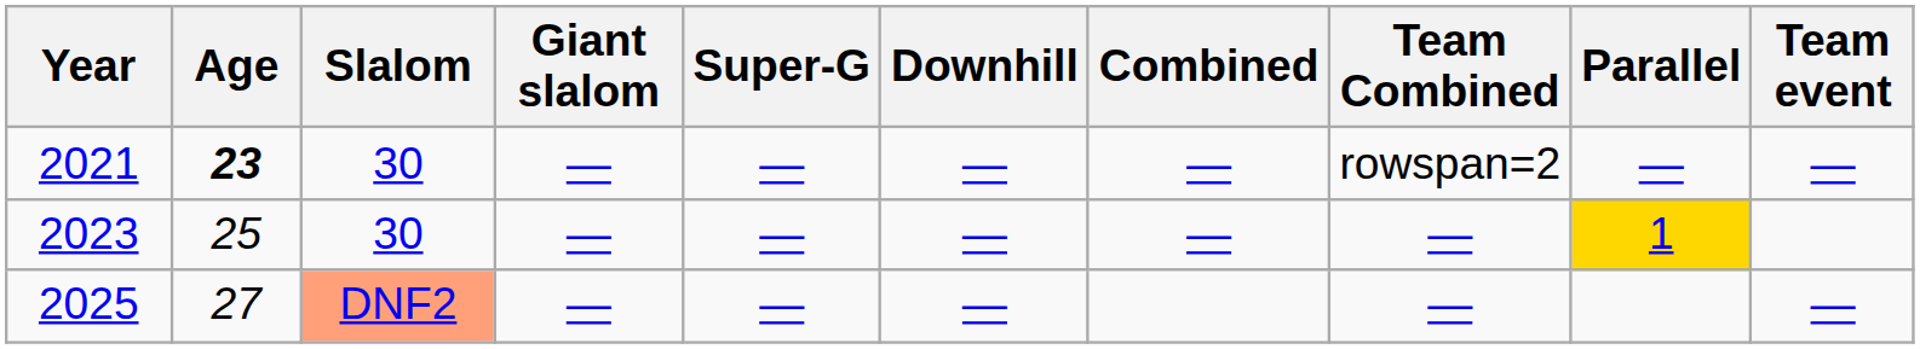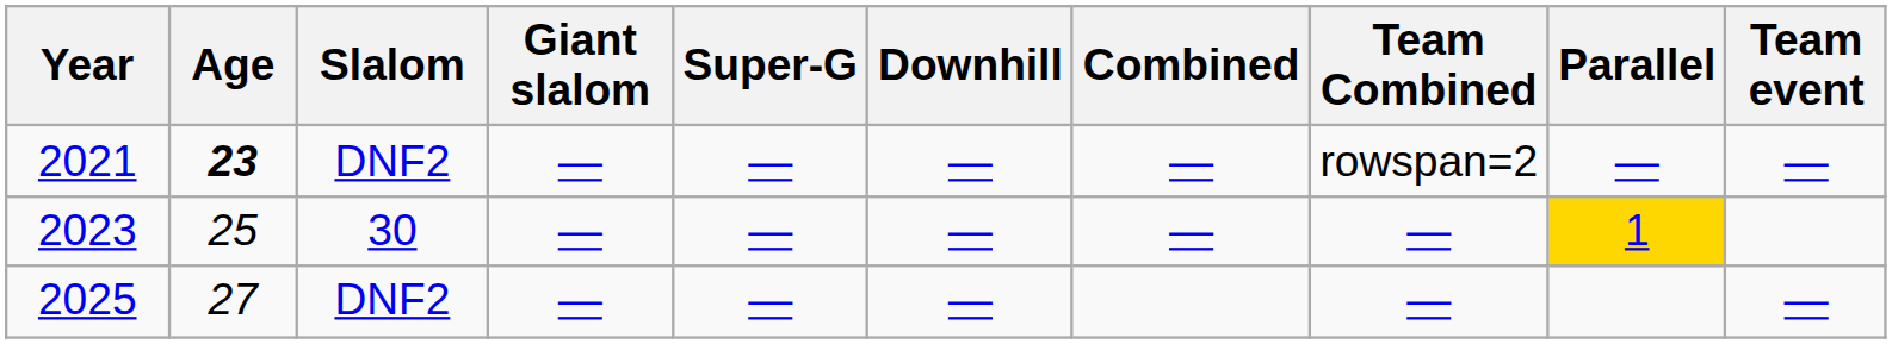 <table class=wikitable style="text-align:center">
 <tr>
 <th>  Year  </th>
 <th> Age </th>
 <th> Slalom </th>
 <th> Giant <br> slalom </th>
 <th>Super-G</th>
 <th>Downhill</th>
 <th>Combined</th>
 <th>Team<br>Combined</th>
 <th>Parallel</th>
 <th>Team<br> event </th>
 </tr>
 <tr>
 <td><a href='#'>2021</a></td>
 <td><strong><em>23</em></strong></td>
-<td><a href='#'>30</a></td>
+<td><a href='#'>DNF2</a></td>
 <td><a href='#'>—</a></td>
 <td><a href='#'>—</a></td>
 <td><a href='#'>—</a></td>
 <td><a href='#'>—</a></td>
 <td>rowspan=2</td>
 <td><a href='#'>—</a></td>
 <td><a href='#'>—</a></td>
 </tr>
 <tr>
 <td><a href='#'>2023</a></td>
 <td><em>25</em></td>
 <td><a href='#'>30</a></td>
 <td><a href='#'>—</a></td>
 <td><a href='#'>—</a></td>
 <td><a href='#'>—</a></td>
 <td><a href='#'>—</a></td>
 <td><a href='#'>—</a></td>
 <td style="background:gold;"><a href='#'>1</a></td>
 </tr>
 <tr>
 <td><a href='#'>2025</a></td>
 <td><em>27</em></td>
-<td style="background: lightsalmon;"><a href='#'>DNF2</a></td>
+<td><a href='#'>DNF2</a></td>
 <td><a href='#'>—</a></td>
 <td><a href='#'>—</a></td>
 <td><a href='#'>—</a></td>
 <td></td>
 <td><a href='#'>—</a></td>
 <td></td>
 <td><a href='#'>—</a></td>
 </tr>
 </table>
